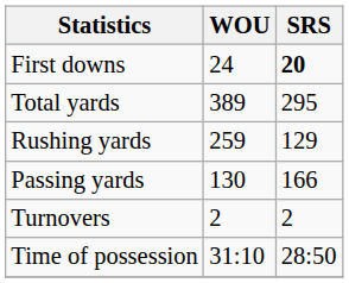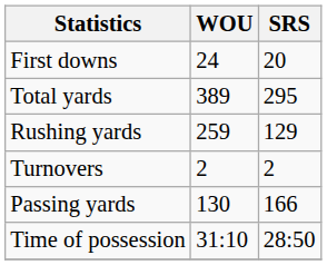 <table class="wikitable" style="float: left;">
 <tr>
 <th>Statistics</th>
 <th>WOU</th>
 <th>SRS</th>
 </tr>
 <tr>
 <td>First downs</td>
 <td>24</td>
-<td><strong>20</strong></td>
+<td>20</td>
 </tr>
 <tr>
 <td>Total yards</td>
 <td>389</td>
 <td>295</td>
 </tr>
 <tr>
 <td>Rushing yards</td>
 <td>259</td>
 <td>129</td>
 </tr>
 <tr>
+<td>Turnovers</td>
+<td>2</td>
+<td>2</td>
+</tr>
+<tr>
 <td>Passing yards</td>
 <td>130</td>
 <td>166</td>
-</tr>
-<tr>
-<td>Turnovers</td>
-<td>2</td>
-<td>2</td>
 </tr>
 <tr>
 <td>Time of possession</td>
 <td>31:10</td>
 <td>28:50</td>
 </tr>
 <tr>
 </tr>
 </table>
